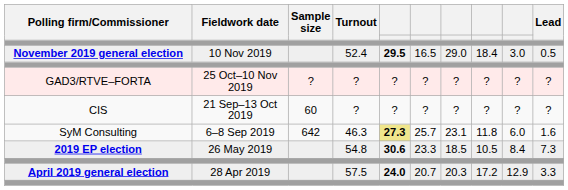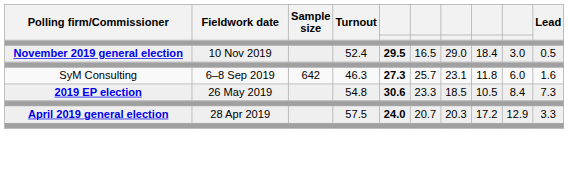 <table class="wikitable collapsible collapsed" style="text-align:center; font-size:95%; line-height:16px;">
 <tr style="height:42px;">
 <th style="width:250px;" rowspan="2">Polling firm/Commissioner</th>
 <th style="width:125px;" rowspan="2">Fieldwork date</th>
 <th style="width:50px;" rowspan="2">Sample size</th>
 <th style="width:45px;" rowspan="2">Turnout</th>
 <th style="width:35px;"></th>
 <th style="width:35px;"></th>
 <th style="width:35px;"></th>
 <th style="width:35px;"></th>
 <th style="width:35px;"></th>
 <th style="width:30px;" rowspan="2">Lead</th>
 </tr>
 <tr>
 <th style="color:inherit;background:"></th>
 <th style="color:inherit;background:"></th>
 <th style="color:inherit;background:"></th>
 <th style="color:inherit;background:"></th>
 <th style="color:inherit;background:"></th>
 </tr>
 <tr>
 <td colspan="10" style="background:#A0A0A0"></td>
 </tr>
 <tr style="background:#EFEFEF;">
 <td><strong><a href='#'>November 2019 general election</a></strong></td>
 <td>10 Nov 2019</td>
 <td></td>
 <td>52.4</td>
 <td><strong>29.5</strong><br></td>
 <td>16.5<br></td>
 <td>29.0<br></td>
 <td>18.4<br></td>
 <td>3.0<br></td>
 <td style="background:">0.5</td>
 </tr>
 <tr>
 <td colspan="10" style="background:#A0A0A0"></td>
 </tr>
-<tr style="background:#FFEAEA;">
-<td>GAD3/RTVE–FORTA</td>
-<td>25 Oct–10 Nov 2019</td>
-<td>?</td>
-<td>?</td>
-<td>?<br></td>
-<td>?<br></td>
-<td>?<br></td>
-<td>?<br></td>
-<td>?<br></td>
-<td style="background:">?</td>
-</tr>
-<tr>
-<td>CIS</td>
-<td>21 Sep–13 Oct 2019</td>
-<td>60</td>
-<td>?</td>
-<td>?<br></td>
-<td>?<br></td>
-<td>?<br></td>
-<td>?<br></td>
-<td>?<br></td>
-<td style="background:">?</td>
-</tr>
 <tr>
 <td>SyM Consulting</td>
 <td>6–8 Sep 2019</td>
 <td>642</td>
 <td>46.3</td>
-<td style="background: khaki;"><strong>27.3</strong><br></td>
+<td><strong>27.3</strong><br></td>
 <td>25.7<br></td>
 <td>23.1<br></td>
 <td>11.8<br></td>
 <td>6.0<br></td>
 <td style="background:">1.6</td>
 </tr>
 <tr style="background:#EFEFEF;">
 <td><strong><a href='#'>2019 EP election</a></strong></td>
 <td>26 May 2019</td>
 <td></td>
 <td>54.8</td>
 <td><strong>30.6</strong><br></td>
 <td>23.3<br></td>
 <td>18.5<br></td>
 <td>10.5<br></td>
 <td>8.4<br></td>
 <td style="background:">7.3</td>
 </tr>
 <tr>
 <td colspan="10" style="background:#A0A0A0"></td>
 </tr>
 <tr style="background:#EFEFEF;">
 <td><strong><a href='#'>April 2019 general election</a></strong></td>
 <td>28 Apr 2019</td>
 <td></td>
 <td>57.5</td>
 <td><strong>24.0</strong><br></td>
 <td>20.7<br></td>
 <td>20.3<br></td>
 <td>17.2<br></td>
 <td>12.9<br></td>
 <td style="background:">3.3</td>
 </tr>
 <tr>
 <td colspan="10" style="background:#A0A0A0"></td>
 </tr>
 </table>
